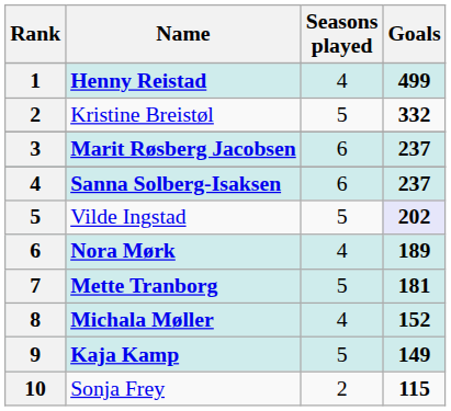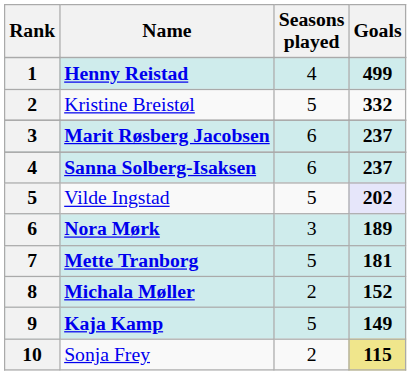 <table class="wikitable" style="text-align: center">
 <tr>
 <th>Rank</th>
 <th class="unsortable">Name</th>
 <th>Seasons<br>played</th>
 <th>Goals</th>
 </tr>
 <tr>
 </tr>
 <tr style="background-color: #CFECEC;">
 <th rowspan="1">1</th>
 <td style="text-align: left;"> <strong><a href='#'>Henny Reistad</a></strong></td>
 <td>4</td>
 <td><strong>499</strong></td>
 </tr>
 <tr>
 <th rowspan="1">2</th>
 <td style="text-align: left;"> <a href='#'>Kristine Breistøl</a></td>
 <td>5</td>
 <td><strong>332</strong></td>
 </tr>
 <tr>
 </tr>
 <tr style="background-color: #CFECEC;">
 <th rowspan="1">3</th>
 <td style="text-align: left;"> <strong><a href='#'>Marit Røsberg Jacobsen</a></strong></td>
 <td>6</td>
 <td><strong>237</strong></td>
 </tr>
 <tr>
 </tr>
 <tr style="background-color: #CFECEC;">
 <th rowspan="1">4</th>
 <td style="text-align: left;"> <strong><a href='#'>Sanna Solberg-Isaksen</a></strong></td>
 <td>6</td>
 <td><strong>237</strong></td>
 </tr>
 <tr>
 <th rowspan="1">5</th>
 <td style="text-align: left;"> <a href='#'>Vilde Ingstad</a></td>
 <td>5</td>
 <td style="background: lavender;"><strong>202</strong></td>
 </tr>
 <tr style="background-color: #CFECEC;">
 <th rowspan="1">6</th>
 <td style="text-align: left;"> <strong><a href='#'>Nora Mørk</a></strong></td>
-<td>4</td>
+<td>3</td>
 <td><strong>189</strong></td>
 </tr>
 <tr style="background-color: #CFECEC;">
 <th rowspan="1">7</th>
 <td style="text-align: left;"> <strong><a href='#'>Mette Tranborg</a></strong></td>
 <td>5</td>
 <td><strong>181</strong></td>
 </tr>
 <tr style="background-color: #CFECEC;">
 <th>8</th>
 <td style="text-align: left;"> <strong><a href='#'>Michala Møller</a></strong></td>
-<td>4</td>
+<td>2</td>
 <td><strong>152</strong></td>
 </tr>
 <tr style="background-color: #CFECEC;">
 <th>9</th>
 <td style="text-align: left;"> <strong><a href='#'>Kaja Kamp</a></strong></td>
 <td>5</td>
 <td><strong>149</strong></td>
 </tr>
 <tr>
 <th rowspan="1">10</th>
 <td style="text-align: left;"> <a href='#'>Sonja Frey</a></td>
 <td>2</td>
-<td><strong>115</strong></td>
+<td style="background: khaki;"><strong>115</strong></td>
 </tr>
 </table>
